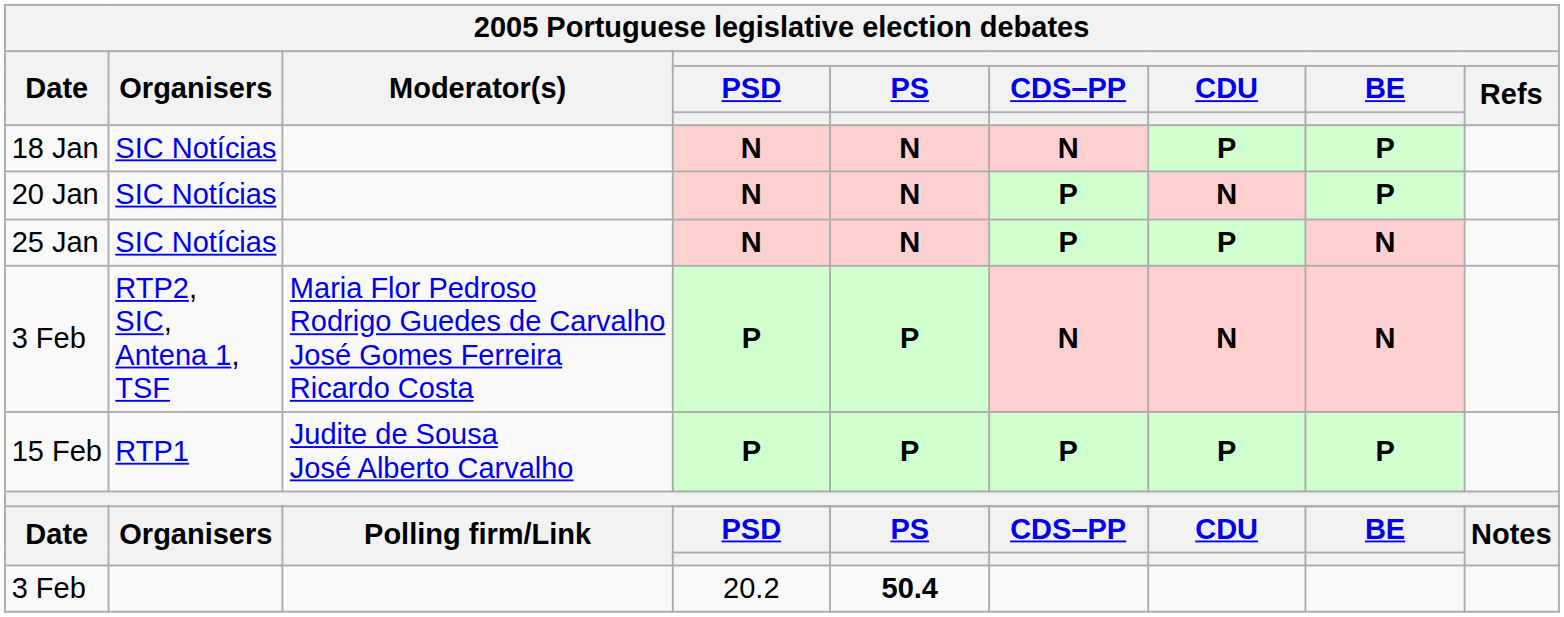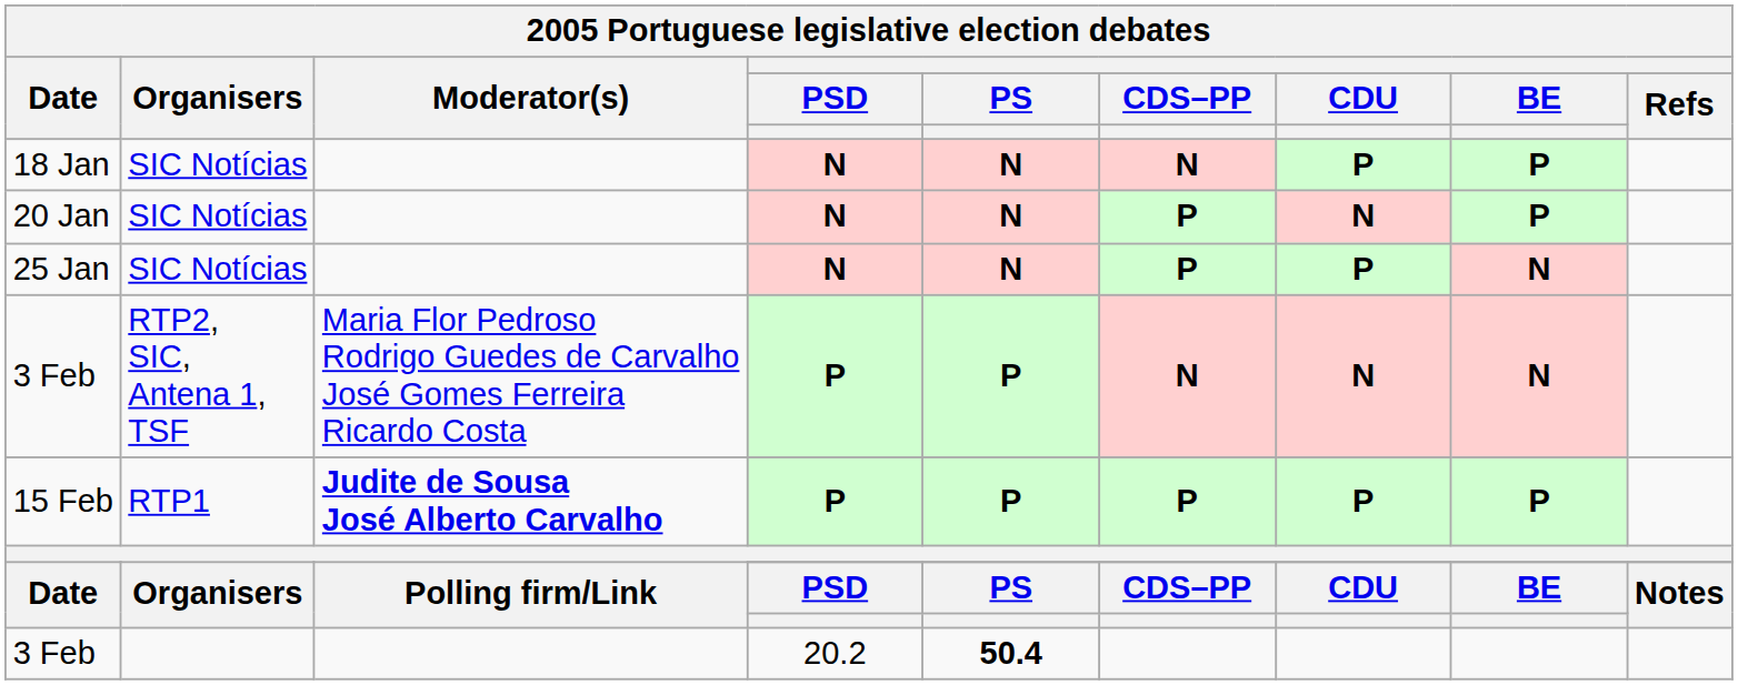 <table class="wikitable" style="font-size:98%; text-align:center;">
 <tr>
 <th colspan="21">2005 Portuguese legislative election debates</th>
 </tr>
 <tr>
 <th rowspan="3">Date</th>
 <th rowspan="3">Organisers</th>
 <th rowspan="3">Moderator(s)</th>
 <th colspan="19">      </th>
 </tr>
 <tr>
 <th scope="col" style="width:5em;"><a href='#'>PSD</a><br></th>
 <th scope="col" style="width:5em;"><a href='#'>PS</a><br></th>
 <th scope="col" style="width:5em;"><a href='#'>CDS–PP</a><br></th>
 <th scope="col" style="width:5em;"><a href='#'>CDU</a><br></th>
 <th scope="col" style="width:5em;"><a href='#'>BE</a><br></th>
 <th rowspan="2">Refs</th>
 </tr>
 <tr>
 <th style="background:"></th>
 <th style="background:"></th>
 <th style="background:"></th>
 <th style="background:"></th>
 <th style="background:"></th>
 </tr>
 <tr>
 <td style="white-space:nowrap; text-align:left;">18 Jan</td>
 <td style="white-space:nowrap; text-align:left;"><a href='#'>SIC Notícias</a></td>
 <td style="white-space:nowrap; text-align:left;"></td>
 <td style="background:#FFD0D0;"><strong>N</strong></td>
 <td style="background:#FFD0D0;"><strong>N</strong></td>
 <td style="background:#FFD0D0;"><strong>N</strong></td>
 <td style="background:#D0FFD0;"><strong>P</strong></td>
 <td style="background:#D0FFD0;"><strong>P</strong></td>
 <td></td>
 </tr>
 <tr>
 <td style="white-space:nowrap; text-align:left;">20 Jan</td>
 <td style="white-space:nowrap; text-align:left;"><a href='#'>SIC Notícias</a></td>
 <td style="white-space:nowrap; text-align:left;"></td>
 <td style="background:#FFD0D0;"><strong>N</strong></td>
 <td style="background:#FFD0D0;"><strong>N</strong></td>
 <td style="background:#D0FFD0;"><strong>P</strong></td>
 <td style="background:#FFD0D0;"><strong>N</strong></td>
 <td style="background:#D0FFD0;"><strong>P</strong></td>
 <td></td>
 </tr>
 <tr>
 <td style="white-space:nowrap; text-align:left;">25 Jan</td>
 <td style="white-space:nowrap; text-align:left;"><a href='#'>SIC Notícias</a></td>
 <td style="white-space:nowrap; text-align:left;"></td>
 <td style="background:#FFD0D0;"><strong>N</strong></td>
 <td style="background:#FFD0D0;"><strong>N</strong></td>
 <td style="background:#D0FFD0;"><strong>P</strong></td>
 <td style="background:#D0FFD0;"><strong>P</strong></td>
 <td style="background:#FFD0D0;"><strong>N</strong></td>
 <td></td>
 </tr>
 <tr>
 <td style="white-space:nowrap; text-align:left;">3 Feb</td>
 <td style="white-space:nowrap; text-align:left;"><a href='#'>RTP2</a>,<br> <a href='#'>SIC</a>,<br><a href='#'>Antena 1</a>,<br><a href='#'>TSF</a></td>
 <td style="white-space:nowrap; text-align:left;"><a href='#'>Maria Flor Pedroso</a><br><a href='#'>Rodrigo Guedes de Carvalho</a><br><a href='#'>José Gomes Ferreira</a><br><a href='#'>Ricardo Costa</a></td>
 <td style="background:#D0FFD0;"><strong>P</strong></td>
 <td style="background:#D0FFD0;"><strong>P</strong></td>
 <td style="background:#FFD0D0;"><strong>N</strong></td>
 <td style="background:#FFD0D0;"><strong>N</strong></td>
 <td style="background:#FFD0D0;"><strong>N</strong></td>
 <td></td>
 </tr>
 <tr>
 <td style="white-space:nowrap; text-align:left;">15 Feb</td>
 <td style="white-space:nowrap; text-align:left;"><a href='#'>RTP1</a></td>
-<td style="white-space:nowrap; text-align:left;"><a href='#'>Judite de Sousa</a><br><a href='#'>José Alberto Carvalho</a></td>
+<td style="white-space:nowrap; text-align:left;"><strong><a href='#'>Judite de Sousa</a><br><a href='#'>José Alberto Carvalho</a></strong></td>
 <td style="background:#D0FFD0;"><strong>P</strong></td>
 <td style="background:#D0FFD0;"><strong>P</strong></td>
 <td style="background:#D0FFD0;"><strong>P</strong></td>
 <td style="background:#D0FFD0;"><strong>P</strong></td>
 <td style="background:#D0FFD0;"><strong>P</strong></td>
 <td></td>
 </tr>
 <tr>
 <th colspan="9"></th>
 </tr>
 <tr>
 <th rowspan="3">Date</th>
 <th rowspan="3">Organisers</th>
 <th rowspan="3">Polling firm/Link</th>
 </tr>
 <tr>
 <th scope="col" style="width:5em;"><a href='#'>PSD</a></th>
 <th scope="col" style="width:5em;"><a href='#'>PS</a></th>
 <th scope="col" style="width:5em;"><a href='#'>CDS–PP</a></th>
 <th scope="col" style="width:5em;"><a href='#'>CDU</a></th>
 <th scope="col" style="width:5em;"><a href='#'>BE</a></th>
 <th rowspan="2">Notes</th>
 </tr>
 <tr>
 <th style="background:"></th>
 <th style="background:"></th>
 <th style="background:"></th>
 <th style="background:"></th>
 <th style="background:"></th>
 </tr>
 <tr>
 <td style="white-space:nowrap; text-align:left;">3 Feb</td>
 <td style="white-space:nowrap; text-align:left;"></td>
 <td></td>
 <td>20.2</td>
 <td><strong>50.4</strong></td>
 <td></td>
 <td></td>
 <td></td>
 <td></td>
 </tr>
 </table>
